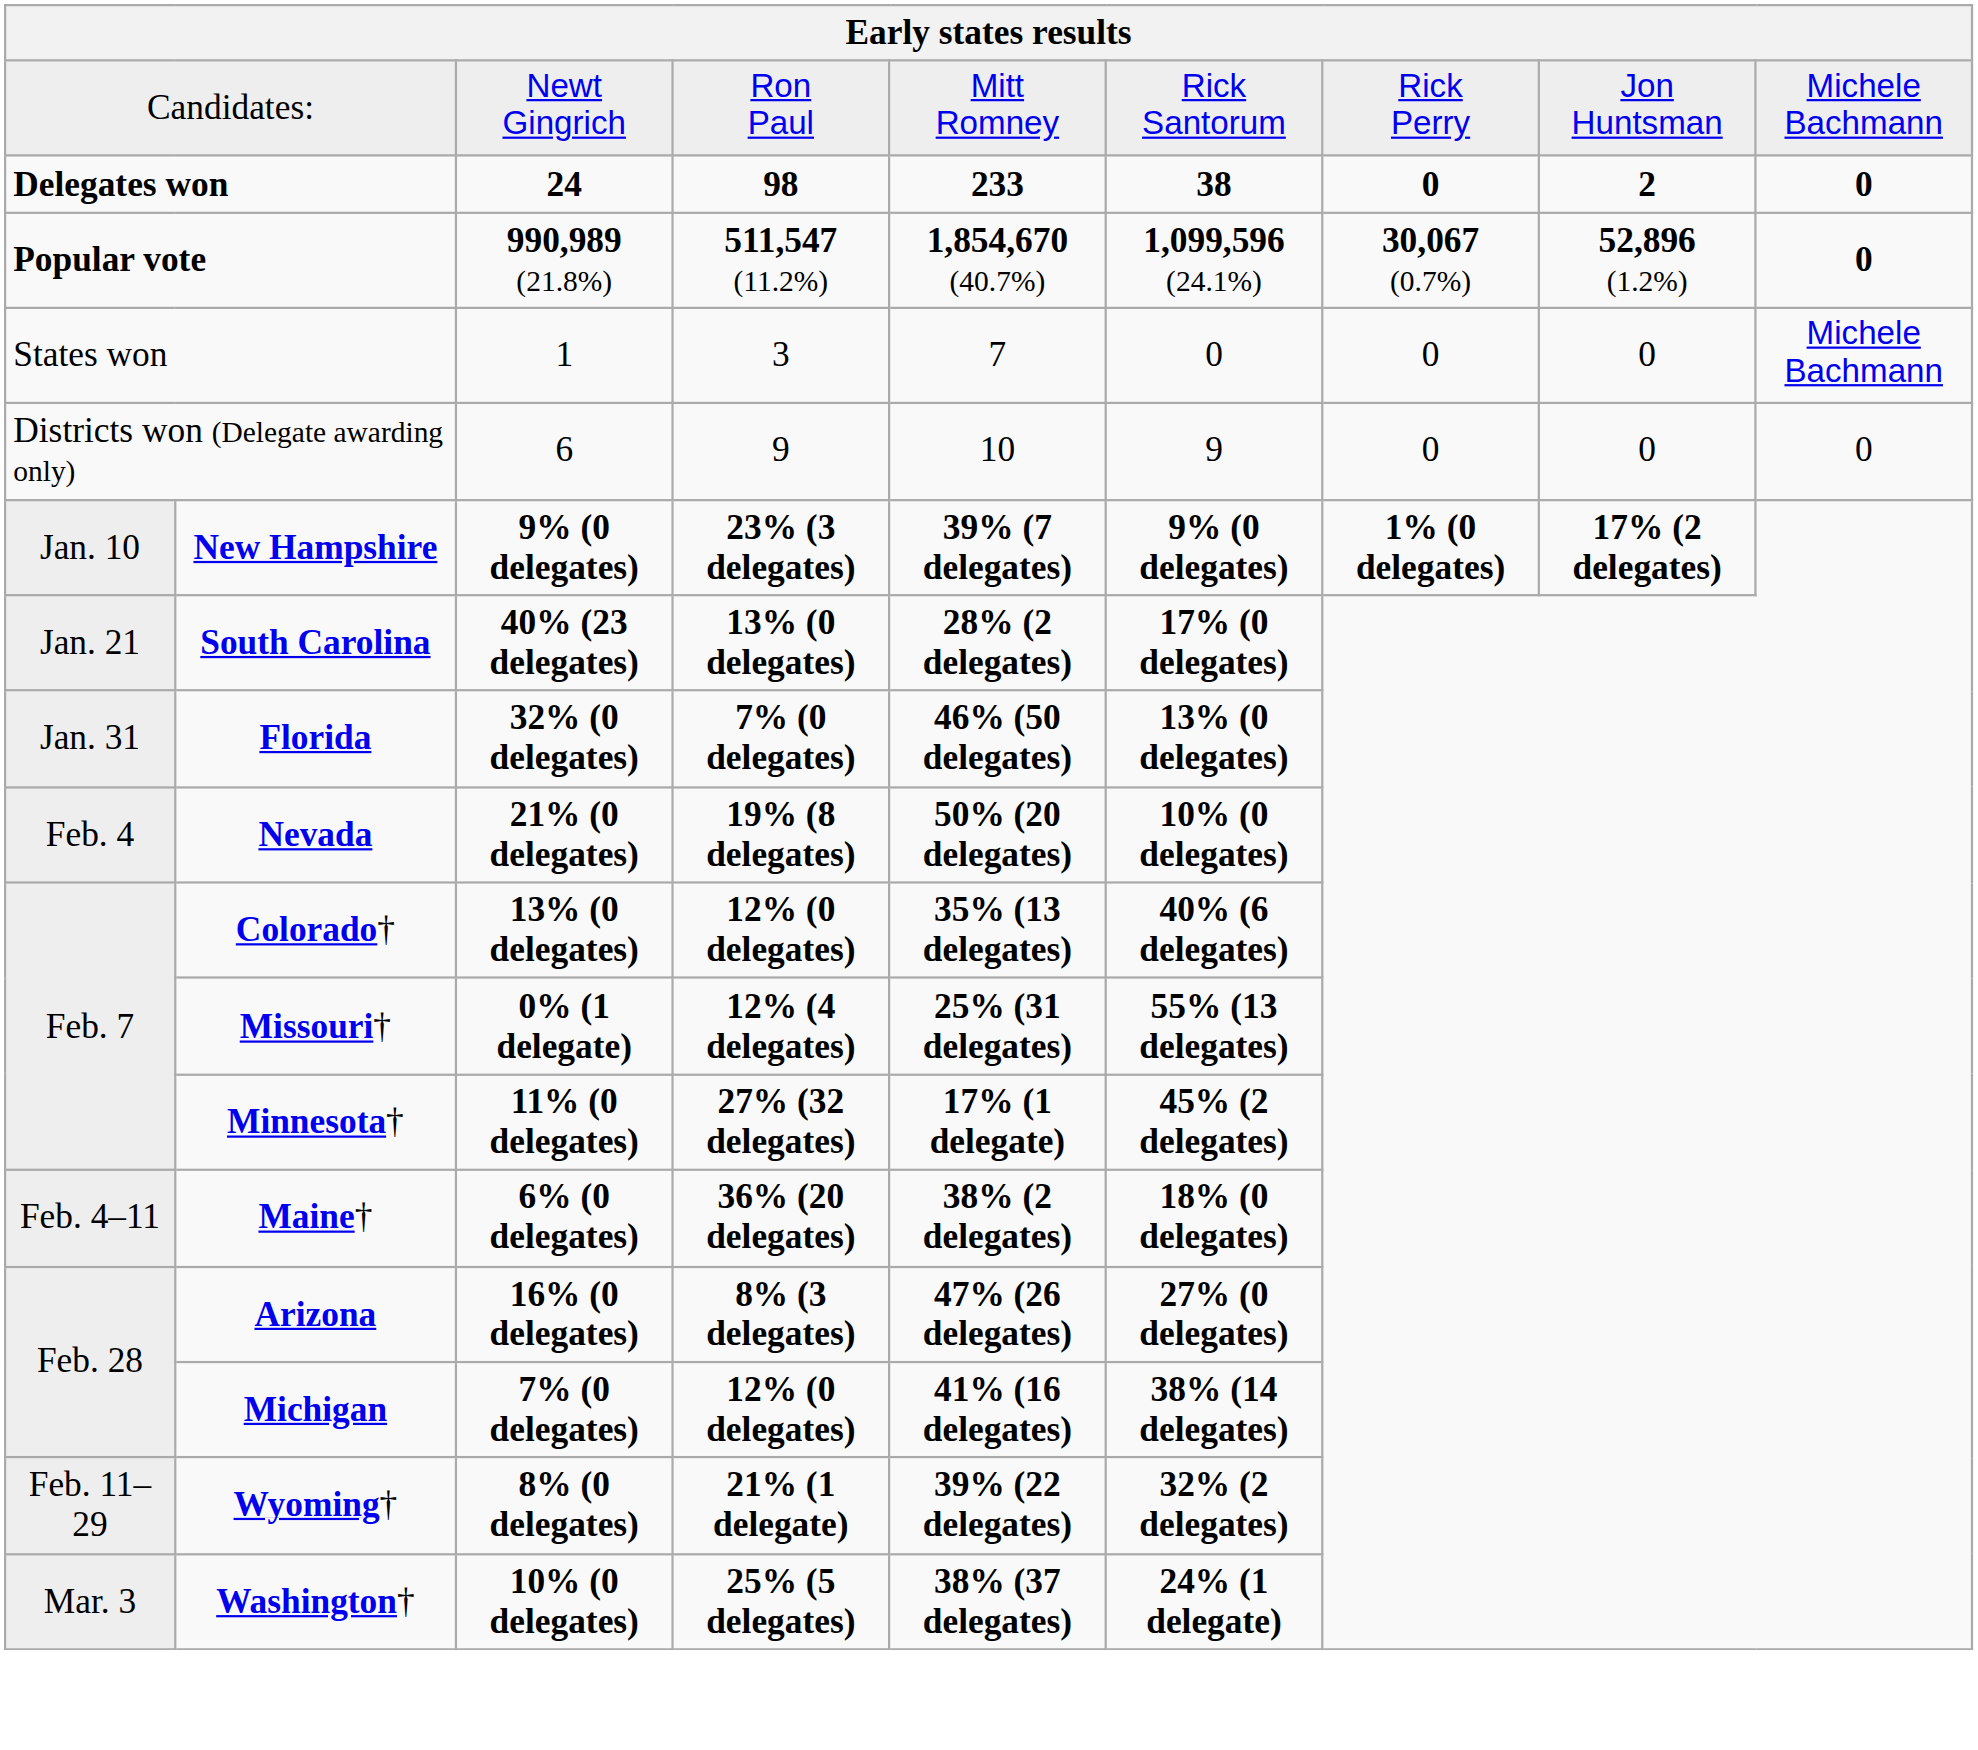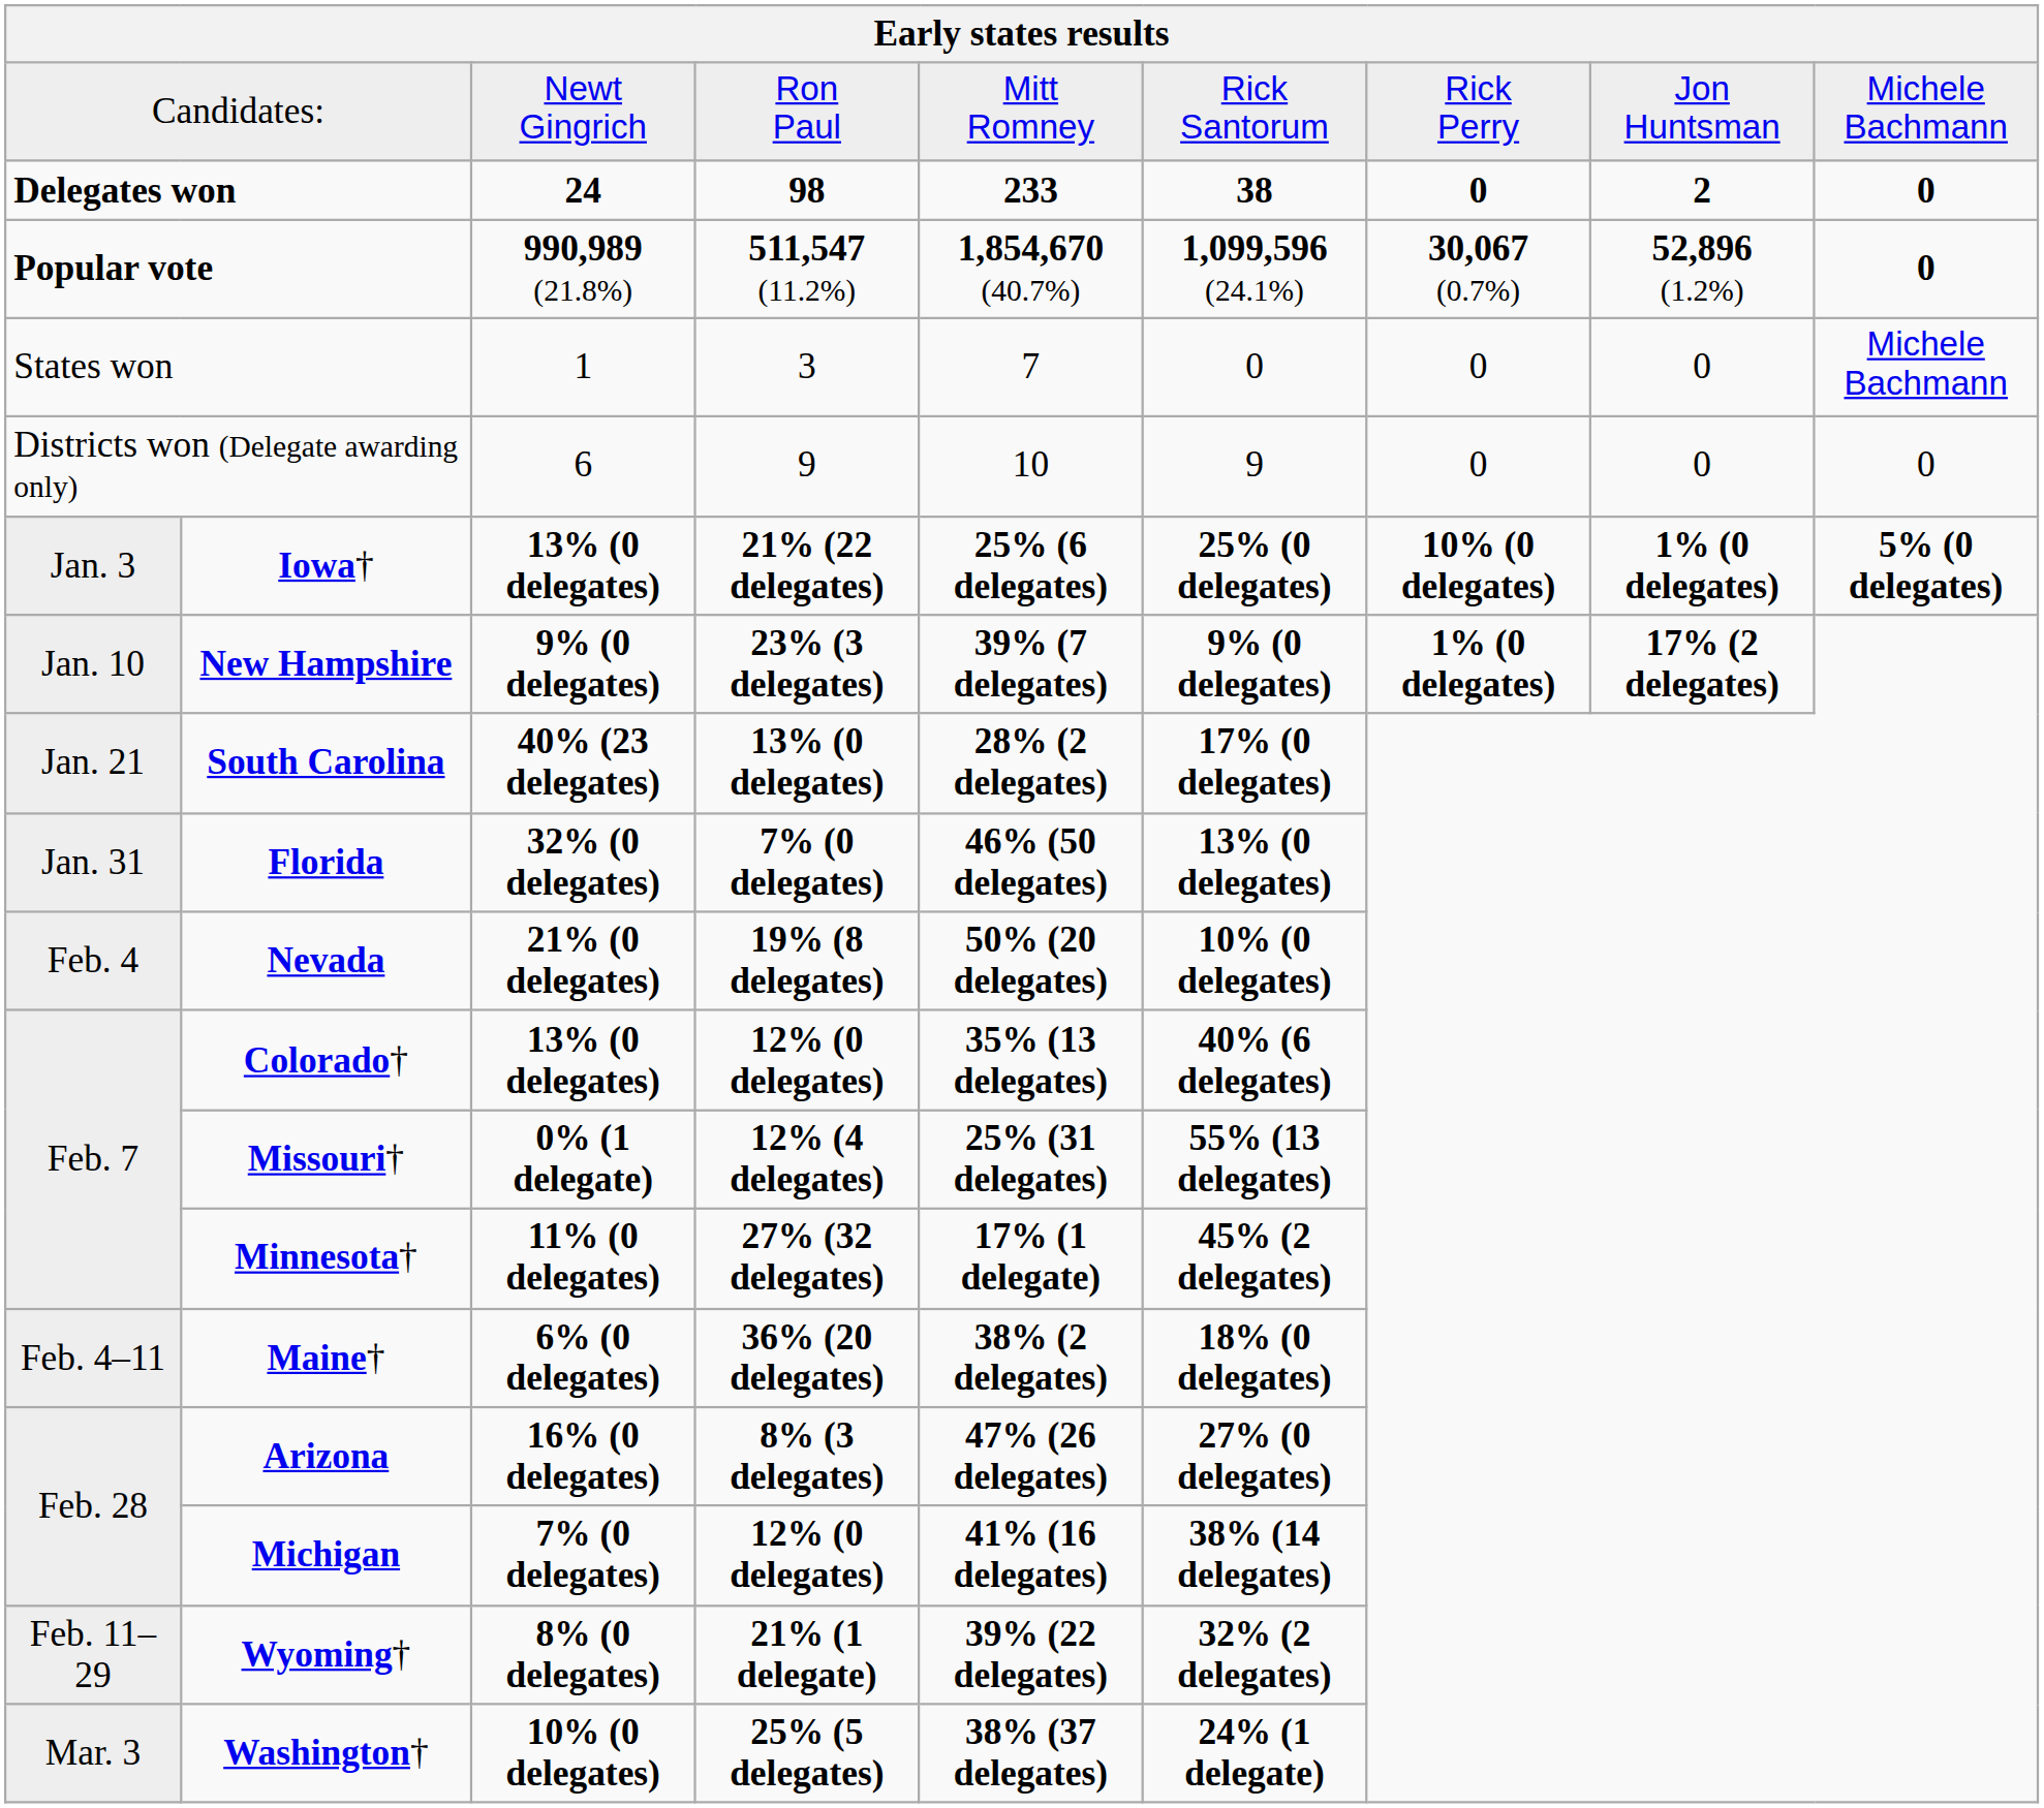 <table class="wikitable" style="text-align:center; width:891px">
 <tr style="text-align:center; background:#e9e9e9;">
 <th colspan="9"><strong>Early states results</strong></th>
 </tr>
 <tr style="background:#eee;">
 <td style="width:212px;" colspan="2">Candidates:</td>
 <td style="width:97px; padding:2px 0 6px; font:15px georgia,arial;"><a href='#'>Newt<br>Gingrich</a></td>
 <td style="width:97px; padding:2px 0 6px; font:15px georgia,arial;"><a href='#'>Ron<br>Paul</a></td>
 <td style="width:97px; padding:2px 0 6px; font:15px georgia,arial;"><a href='#'>Mitt<br>Romney</a></td>
 <td style="width:97px; padding:2px 0 6px; font:15px georgia,arial;"><a href='#'>Rick<br>Santorum</a></td>
 <td style="width:97px; padding:2px 0 6px; font:15px georgia,arial;"><a href='#'>Rick<br>Perry</a></td>
 <td style="width:97px; padding:2px 0 6px; font:15px georgia,arial;"><a href='#'>Jon<br>Huntsman</a></td>
 <td style="width:97px; padding:2px 0 6px; font:15px georgia,arial;"><a href='#'>Michele<br>Bachmann</a></td>
 </tr>
 <tr>
 <td style="text-align:left;" colspan="2"><strong>Delegates won</strong> </td>
 <td> <strong>24</strong></td>
 <td><strong>98</strong></td>
 <td><strong>233</strong></td>
 <td><strong>38</strong></td>
 <td> <strong>0</strong></td>
 <td> <strong>2</strong></td>
 <td> <strong>0</strong></td>
 </tr>
 <tr>
 <td style="text-align:left;" colspan="2"><strong>Popular vote</strong></td>
 <td><strong>990,989</strong> <br><small>(21.8%)</small></td>
 <td> <strong>511,547</strong> <br><small>(11.2%)</small></td>
 <td><strong>1,854,670</strong> <br><small>(40.7%)</small></td>
 <td><strong>1,099,596</strong> <br><small>(24.1%)</small></td>
 <td> <strong>30,067</strong> <br><small>(0.7%)</small></td>
 <td> <strong>52,896</strong> <br><small>(1.2%)</small></td>
 <td> <strong>0</strong></td>
 </tr>
 <tr>
 <td style="text-align:left;" colspan="2">States won </td>
 <td>1</td>
 <td>3</td>
 <td>7</td>
 <td> 0</td>
 <td> 0</td>
 <td> 0</td>
 <td style="width:97px; padding:2px 0 6px; font:15px georgia,arial;"><a href='#'>Michele<br>Bachmann</a></td>
 </tr>
 <tr>
 <td style="text-align:left;" colspan="2">Districts won <small>(Delegate awarding only)</small> </td>
 <td>6</td>
 <td>9</td>
 <td>10</td>
 <td>9</td>
 <td> 0</td>
 <td> 0</td>
 <td> 0</td>
+</tr>
+<tr>
+<td style="background:#eee;">Jan. 3</td>
+<td><strong><a href='#'>Iowa</a></strong>†</td>
+<td> <strong>13%</strong> <strong>(0 delegates)</strong></td>
+<td><strong>21%</strong> <strong>(22 delegates)</strong></td>
+<td> <strong>25%</strong> <strong>(6 delegates)</strong></td>
+<td><strong>25%</strong> <strong>(0 delegates)</strong></td>
+<td> <strong>10%</strong> <strong>(0 delegates)</strong></td>
+<td> <strong>1%</strong> <strong>(0 delegates)</strong></td>
+<td> <strong>5%</strong> <strong>(0 delegates)</strong></td>
 </tr>
 <tr>
 <td style="background:#eee;">Jan. 10</td>
 <td><strong><a href='#'>New Hampshire</a></strong></td>
 <td> <strong>9%</strong> <strong>(0 delegates)</strong></td>
 <td> <strong>23%</strong> <strong>(3 delegates)</strong></td>
 <td><strong>39%</strong> <strong>(7 delegates)</strong></td>
 <td> <strong>9%</strong> <strong>(0 delegates)</strong></td>
 <td> <strong>1%</strong> <strong>(0 delegates)</strong></td>
 <td> <strong>17%</strong> <strong>(2 delegates)</strong></td>
 </tr>
 <tr>
 <td style="background:#eee;">Jan. 21</td>
 <td><strong><a href='#'>South Carolina</a></strong></td>
 <td><strong>40%</strong> <strong>(23 delegates)</strong></td>
 <td> <strong>13%</strong> <strong>(0 delegates)</strong></td>
 <td> <strong>28%</strong> <strong>(2 delegates)</strong></td>
 <td> <strong>17%</strong> <strong>(0 delegates)</strong></td>
 </tr>
 <tr>
 <td style="background:#eee;">Jan. 31</td>
 <td><strong><a href='#'>Florida</a></strong></td>
 <td> <strong>32%</strong> <strong>(0 delegates)</strong></td>
 <td> <strong>7%</strong> <strong>(0 delegates)</strong></td>
 <td><strong>46%</strong> <strong>(50 delegates)</strong></td>
 <td> <strong>13%</strong> <strong>(0 delegates)</strong></td>
 </tr>
 <tr>
 <td style="background:#eee;">Feb. 4</td>
 <td><strong><a href='#'>Nevada</a></strong></td>
 <td> <strong>21%</strong> <strong>(0 delegates)</strong></td>
 <td> <strong>19%</strong> <strong>(8 delegates)</strong></td>
 <td><strong>50%</strong> <strong>(20 delegates)</strong></td>
 <td> <strong>10%</strong> <strong>(0 delegates)</strong></td>
 </tr>
 <tr>
 <td rowspan="3" style="background:#eee;">Feb. 7</td>
 <td><strong><a href='#'>Colorado</a></strong>†</td>
 <td> <strong>13%</strong> <strong>(0 delegates)</strong></td>
 <td> <strong>12%</strong> <strong>(0 delegates)</strong></td>
 <td><strong>35%</strong> <strong>(13 delegates)</strong></td>
 <td><strong>40%</strong> <strong>(6 delegates)</strong></td>
 </tr>
 <tr>
 <td><strong><a href='#'>Missouri</a></strong>†</td>
 <td>  <strong>0%</strong> <strong>(1 delegate)</strong></td>
 <td> <strong>12%</strong> <strong>(4 delegates)</strong></td>
 <td><strong>25%</strong> <strong>(31 delegates)</strong></td>
 <td><strong>55%</strong> <strong>(13 delegates)</strong></td>
 </tr>
 <tr>
 <td><strong><a href='#'>Minnesota</a></strong>†</td>
 <td> <strong>11%</strong> <strong>(0 delegates)</strong></td>
 <td><strong>27%</strong> <strong>(32 delegates)</strong></td>
 <td> <strong>17%</strong> <strong>(1 delegate)</strong></td>
 <td><strong>45%</strong> <strong>(2 delegates)</strong></td>
 </tr>
 <tr>
 <td bgcolor="#eeeeee">Feb. 4–11</td>
 <td><strong><a href='#'>Maine</a></strong>†</td>
 <td> <strong>6%</strong> <strong>(0 delegates)</strong></td>
 <td><strong>36%</strong> <strong>(20 delegates)</strong></td>
 <td><strong>38%</strong> <strong>(2 delegates)</strong></td>
 <td> <strong>18%</strong> <strong>(0 delegates)</strong></td>
 </tr>
 <tr>
 <td rowspan="2" style="background:#eee;">Feb. 28</td>
 <td><strong><a href='#'>Arizona</a></strong></td>
 <td> <strong>16%</strong> <strong>(0 delegates)</strong></td>
 <td> <strong>8%</strong> <strong>(3 delegates)</strong></td>
 <td><strong>47%</strong> <strong>(26 delegates)</strong></td>
 <td> <strong>27%</strong> <strong>(0 delegates)</strong></td>
 </tr>
 <tr>
 <td><strong><a href='#'>Michigan</a></strong></td>
 <td> <strong>7%</strong> <strong>(0 delegates)</strong></td>
 <td> <strong>12%</strong> <strong>(0 delegates)</strong></td>
 <td><strong>41%</strong> <strong>(16 delegates)</strong></td>
 <td> <strong>38%</strong> <strong>(14 delegates)</strong></td>
 </tr>
 <tr>
 <td style="background:#eee;">Feb. 11–29</td>
 <td><strong><a href='#'>Wyoming</a></strong>†</td>
 <td> <strong>8%</strong> <strong>(0 delegates)</strong></td>
 <td> <strong>21%</strong> <strong>(1 delegate)</strong></td>
 <td><strong>39%</strong> <strong>(22 delegates)</strong></td>
 <td> <strong>32%</strong> <strong>(2 delegates)</strong></td>
 </tr>
 <tr>
 <td style="background:#eee;">Mar. 3</td>
 <td><strong><a href='#'>Washington</a></strong>†</td>
 <td> <strong>10%</strong> <strong>(0 delegates)</strong></td>
 <td> <strong>25%</strong> <strong>(5 delegates)</strong></td>
 <td><strong>38%</strong> <strong>(37 delegates)</strong></td>
 <td> <strong>24%</strong> <strong>(1 delegate)</strong></td>
 </tr>
 </table>
